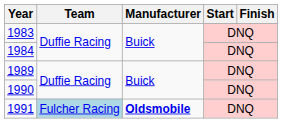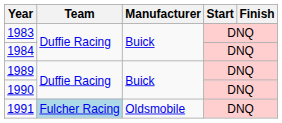 <table class="wikitable" style="font-size: 90%;">
 <tr>
 <th>Year</th>
 <th>Team</th>
 <th>Manufacturer</th>
 <th>Start</th>
 <th>Finish</th>
 </tr>
 <tr>
 <td><a href='#'>1983</a></td>
 <td rowspan=2><a href='#'>Duffie Racing</a></td>
 <td rowspan=2><a href='#'>Buick</a></td>
 <td align=center colspan=2 style="background:#FFCFCF;">DNQ</td>
 </tr>
 <tr>
 <td><a href='#'>1984</a></td>
 <td align=center colspan=2 style="background:#FFCFCF;">DNQ</td>
 </tr>
 <tr>
 <td><a href='#'>1989</a></td>
 <td rowspan=2><a href='#'>Duffie Racing</a></td>
 <td rowspan=2><a href='#'>Buick</a></td>
 <td align=center colspan=2 style="background:#FFCFCF;">DNQ</td>
 </tr>
 <tr>
 <td><a href='#'>1990</a></td>
 <td align=center colspan=2 style="background:#FFCFCF;">DNQ</td>
 </tr>
 <tr>
 <td><a href='#'>1991</a></td>
 <td style="background: lightblue;"><a href='#'>Fulcher Racing</a></td>
-<td><strong><a href='#'>Oldsmobile</a></strong></td>
+<td><a href='#'>Oldsmobile</a></td>
 <td align=center colspan=2 style="background:#FFCFCF;">DNQ</td>
 </tr>
 </table>
